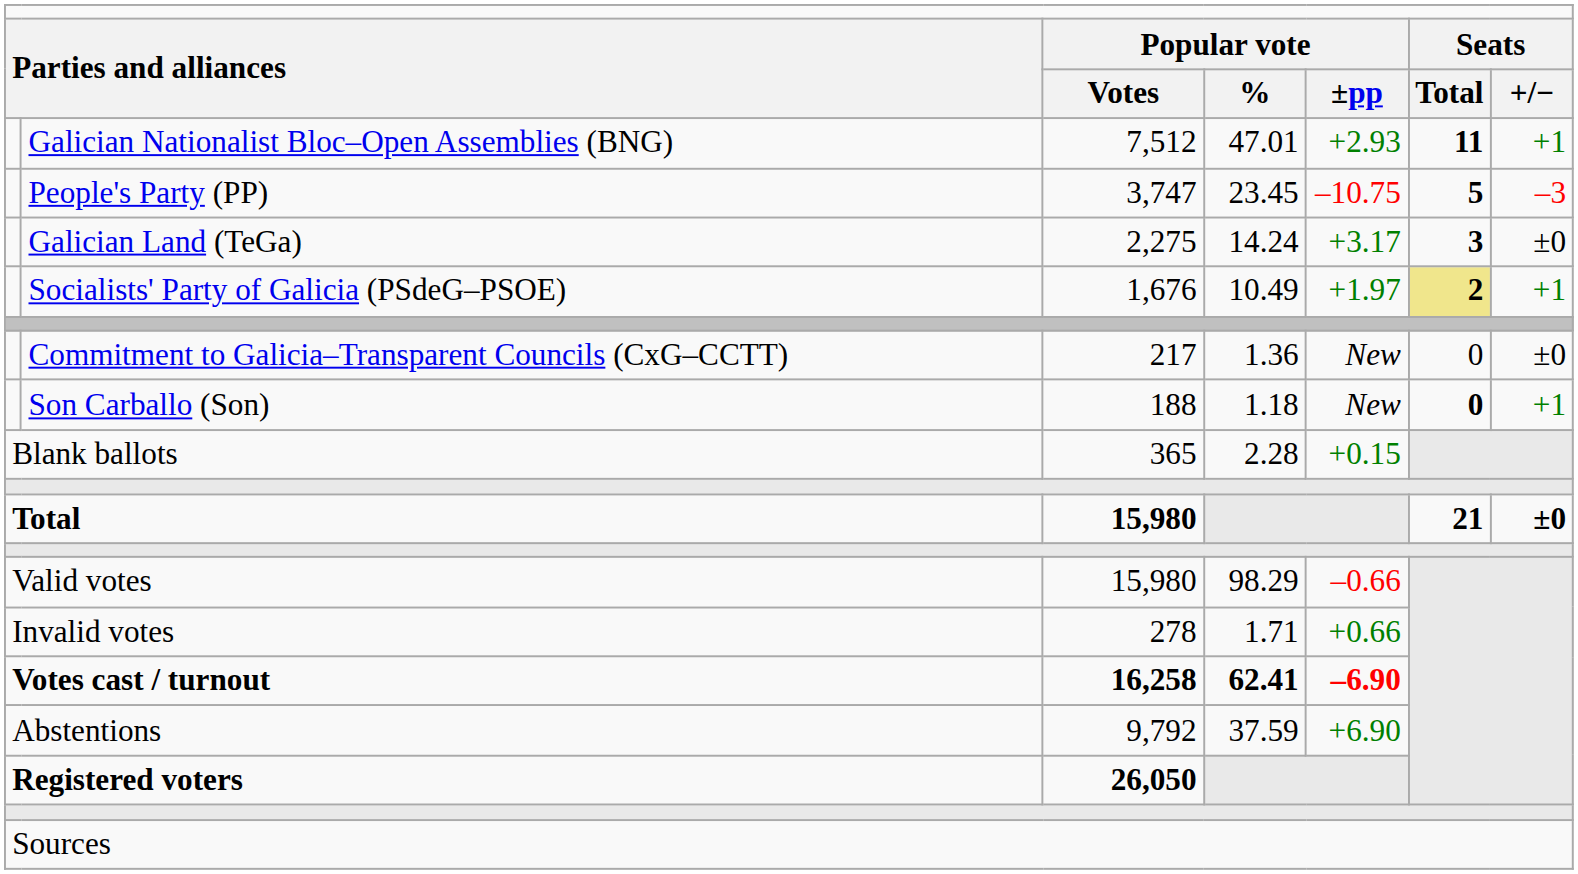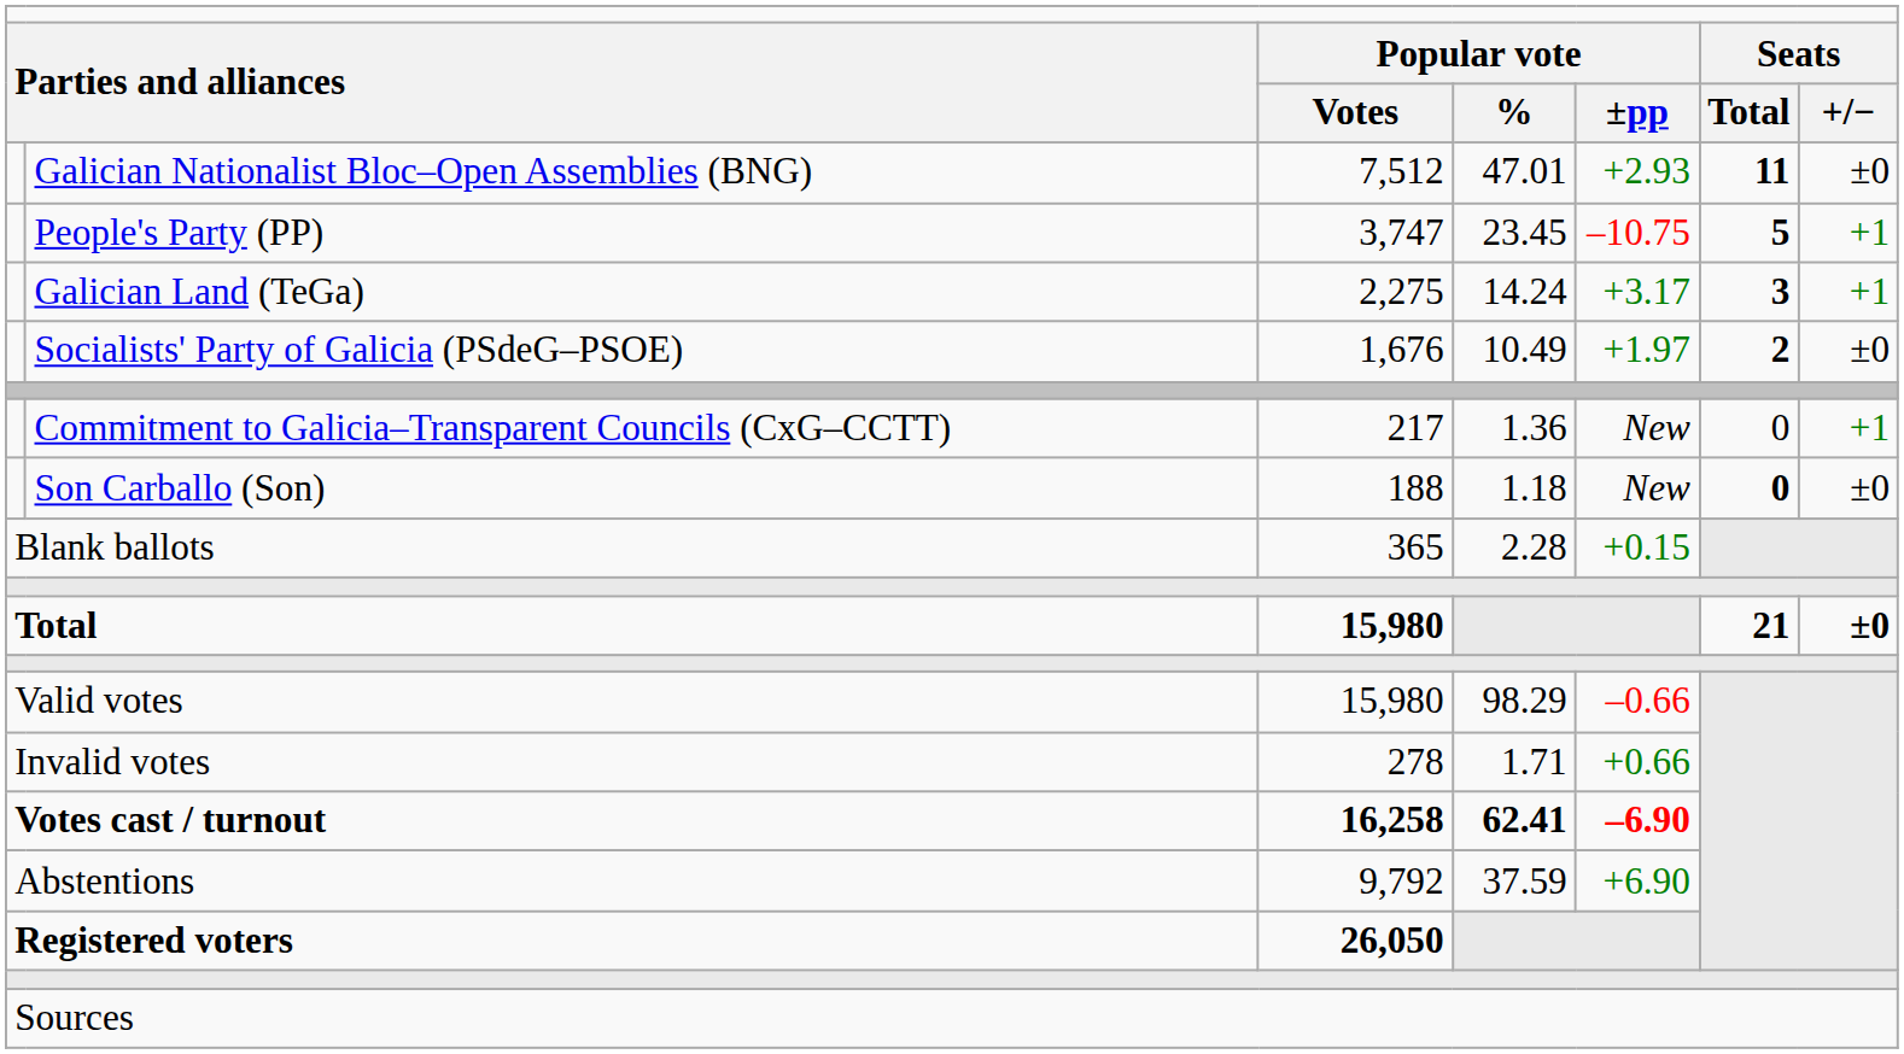 <table class="wikitable" style="text-align:right;">
 <tr>
 <td colspan="7"></td>
 </tr>
 <tr>
 <th style="text-align:left;" rowspan="2" colspan="2" width="525">Parties and alliances</th>
 <th colspan="3">Popular vote</th>
 <th colspan="2">Seats</th>
 </tr>
 <tr>
 <th width="75">Votes</th>
 <th width="45">%</th>
 <th width="45">±<a href='#'>pp</a></th>
 <th width="35">Total</th>
 <th width="35">+/−</th>
 </tr>
 <tr>
 <td width="1" style="color:inherit;background:"></td>
 <td align="left"><a href='#'>Galician Nationalist Bloc–Open Assemblies</a> (BNG)</td>
 <td>7,512</td>
 <td>47.01</td>
 <td style="color:green;">+2.93</td>
 <td><strong>11</strong></td>
-<td style="color:green;">+1</td>
+<td>±0</td>
 </tr>
 <tr>
 <td style="color:inherit;background:"></td>
 <td align="left"><a href='#'>People's Party</a> (PP)</td>
 <td>3,747</td>
 <td>23.45</td>
 <td style="color:red;">–10.75</td>
 <td><strong>5</strong></td>
-<td style="color:red;">–3</td>
+<td style="color:green;">+1</td>
 </tr>
 <tr>
 <td style="color:inherit;background:"></td>
 <td align="left"><a href='#'>Galician Land</a> (TeGa)</td>
 <td>2,275</td>
 <td>14.24</td>
 <td style="color:green;">+3.17</td>
 <td><strong>3</strong></td>
-<td>±0</td>
+<td style="color:green;">+1</td>
 </tr>
 <tr>
 <td style="color:inherit;background:"></td>
 <td align="left"><a href='#'>Socialists' Party of Galicia</a> (PSdeG–PSOE)</td>
 <td>1,676</td>
 <td>10.49</td>
 <td style="color:green;">+1.97</td>
-<td style="background: khaki;"><strong>2</strong></td>
-<td style="color:green;">+1</td>
+<td><strong>2</strong></td>
+<td>±0</td>
 </tr>
 <tr>
 <td colspan="7" bgcolor="#C0C0C0"></td>
 </tr>
 <tr>
 <td style="color:inherit;background:"></td>
 <td align="left"><a href='#'>Commitment to Galicia–Transparent Councils</a> (CxG–CCTT)</td>
 <td>217</td>
 <td>1.36</td>
 <td><em>New</em></td>
 <td>0</td>
-<td>±0</td>
+<td style="color:green;">+1</td>
 </tr>
 <tr>
 <td style="color:inherit;background:"></td>
 <td align="left"><a href='#'>Son Carballo</a> (Son)</td>
 <td>188</td>
 <td>1.18</td>
 <td><em>New</em></td>
 <td><strong>0</strong></td>
-<td style="color:green;">+1</td>
+<td>±0</td>
 </tr>
 <tr>
 <td align="left" colspan="2">Blank ballots</td>
 <td>365</td>
 <td>2.28</td>
 <td style="color:green;">+0.15</td>
 <td bgcolor="#E9E9E9" colspan="2"></td>
 </tr>
 <tr>
 <td colspan="7" bgcolor="#E9E9E9"></td>
 </tr>
 <tr style="font-weight:bold;">
 <td align="left" colspan="2">Total</td>
 <td>15,980</td>
 <td bgcolor="#E9E9E9" colspan="2"></td>
 <td>21</td>
 <td>±0</td>
 </tr>
 <tr>
 <td colspan="7" bgcolor="#E9E9E9"></td>
 </tr>
 <tr>
 <td align="left" colspan="2">Valid votes</td>
 <td>15,980</td>
 <td>98.29</td>
 <td style="color:red;">–0.66</td>
 <td bgcolor="#E9E9E9" colspan="2" rowspan="5"></td>
 </tr>
 <tr>
 <td align="left" colspan="2">Invalid votes</td>
 <td>278</td>
 <td>1.71</td>
 <td style="color:green;">+0.66</td>
 </tr>
 <tr style="font-weight:bold;">
 <td align="left" colspan="2">Votes cast / turnout</td>
 <td>16,258</td>
 <td>62.41</td>
 <td style="color:red;">–6.90</td>
 </tr>
 <tr>
 <td align="left" colspan="2">Abstentions</td>
 <td>9,792</td>
 <td>37.59</td>
 <td style="color:green;">+6.90</td>
 </tr>
 <tr style="font-weight:bold;">
 <td align="left" colspan="2">Registered voters</td>
 <td>26,050</td>
 <td bgcolor="#E9E9E9" colspan="2"></td>
 </tr>
 <tr>
 <td colspan="7" bgcolor="#E9E9E9"></td>
 </tr>
 <tr>
 <td align="left" colspan="7">Sources</td>
 </tr>
 </table>
